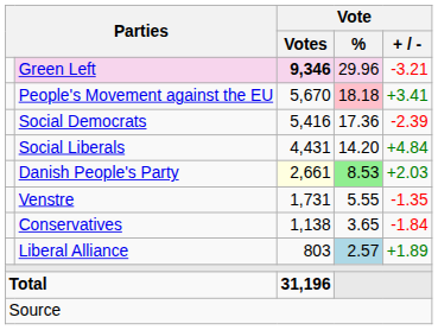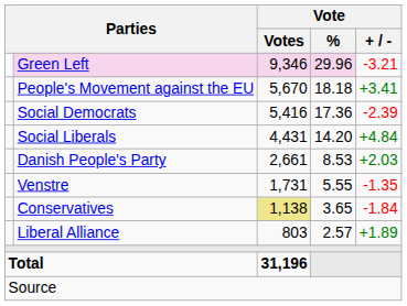 <table class="wikitable" style="text-align:right;">
 <tr>
 <th style="text-align:centre;" rowspan="2" colspan="2" width="225">Parties</th>
 <th colspan="3">Vote</th>
 </tr>
 <tr>
 <th width="15">Votes</th>
 <th width="15">%</th>
 <th width="15">+ / -</th>
 </tr>
 <tr>
 <td width="2" style="color:inherit;background:"></td>
 <td bgcolor=#f7d5ed   align="left"><a href='#'>Green Left</a></td>
-<td bgcolor=#f7d5ed><strong>9,346</strong></td>
+<td bgcolor=#f7d5ed>9,346</td>
 <td bgcolor=#f7d5ed>29.96</td>
 <td style=color:red;>-3.21</td>
 </tr>
 <tr>
 <td width="2" style="color:inherit;background:"></td>
 <td align="left"><a href='#'>People's Movement against the EU</a></td>
 <td>5,670</td>
-<td style="background: pink;">18.18</td>
+<td>18.18</td>
 <td style=color:green;>+3.41</td>
 </tr>
 <tr>
 <td width="2" style="color:inherit;background:"></td>
 <td align="left"><a href='#'>Social Democrats</a></td>
 <td>5,416</td>
 <td>17.36</td>
 <td style=color:red;>-2.39</td>
 </tr>
 <tr>
 <td width="2" style="color:inherit;background:"></td>
 <td align="left"><a href='#'>Social Liberals</a></td>
 <td>4,431</td>
 <td>14.20</td>
 <td style=color:green;>+4.84</td>
 </tr>
 <tr>
 <td width="2" style="color:inherit;background:"></td>
 <td align="left"><a href='#'>Danish People's Party</a></td>
-<td style="background: lightyellow;">2,661</td>
-<td style="background: lightgreen;">8.53</td>
+<td>2,661</td>
+<td>8.53</td>
 <td style=color:green;>+2.03</td>
 </tr>
 <tr>
 <td width="2" style="color:inherit;background:"></td>
 <td align="left"><a href='#'>Venstre</a></td>
 <td>1,731</td>
 <td>5.55</td>
 <td style=color:red;>-1.35</td>
 </tr>
 <tr>
 <td width="2" style="color:inherit;background:"></td>
 <td align="left"><a href='#'>Conservatives</a></td>
-<td>1,138</td>
+<td style="background: khaki;">1,138</td>
 <td>3.65</td>
 <td style=color:red;>-1.84</td>
 </tr>
 <tr>
 <td width="2" style="color:inherit;background:"></td>
 <td align="left"><a href='#'>Liberal Alliance</a></td>
 <td>803</td>
-<td style="background: lightblue;">2.57</td>
+<td>2.57</td>
 <td style=color:green;>+1.89</td>
 </tr>
 <tr>
 <td colspan="7" bgcolor="#E9E9E9"></td>
 </tr>
 <tr>
 <td align="left" colspan="2"><strong>Total</strong></td>
 <td><strong>31,196</strong></td>
 <td bgcolor="#E9E9E9" colspan="2"></td>
 </tr>
 <tr>
 <td align="left" colspan="6">Source</td>
 </tr>
 </table>
